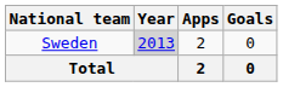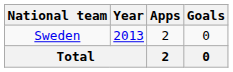 <table class="wikitable" style="text-align:center">
 <tr>
 <th>National team</th>
 <th>Year</th>
 <th>Apps</th>
 <th>Goals</th>
 </tr>
 <tr>
 <td><a href='#'>Sweden</a></td>
-<td style="background: lightgrey;"><a href='#'>2013</a></td>
+<td><a href='#'>2013</a></td>
 <td>2</td>
 <td>0</td>
 </tr>
 <tr>
 <th colspan="2">Total</th>
 <th>2</th>
 <th>0</th>
 </tr>
 </table>
